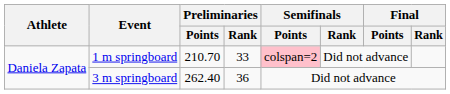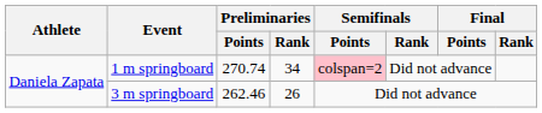 <table class="wikitable" style="text-align:center; font-size:90%;">
 <tr>
 <th rowspan=2>Athlete</th>
 <th rowspan=2>Event</th>
 <th colspan=2>Preliminaries</th>
 <th colspan=2>Semifinals</th>
 <th colspan=2>Final</th>
 </tr>
 <tr style="font-size:95%">
 <th>Points</th>
 <th>Rank</th>
 <th>Points</th>
 <th>Rank</th>
 <th>Points</th>
 <th>Rank</th>
 </tr>
 <tr>
 <td align=left rowspan=2><a href='#'>Daniela Zapata</a></td>
 <td align=left><a href='#'>1 m springboard</a></td>
-<td>210.70</td>
-<td>33</td>
+<td>270.74</td>
+<td>34</td>
 <td style="background: pink;">colspan=2 </td>
 <td colspan=2>Did not advance</td>
 </tr>
 <tr>
 <td align=left><a href='#'>3 m springboard</a></td>
-<td>262.40</td>
-<td>36</td>
+<td>262.46</td>
+<td>26</td>
 <td colspan=4>Did not advance</td>
 </tr>
 </table>
